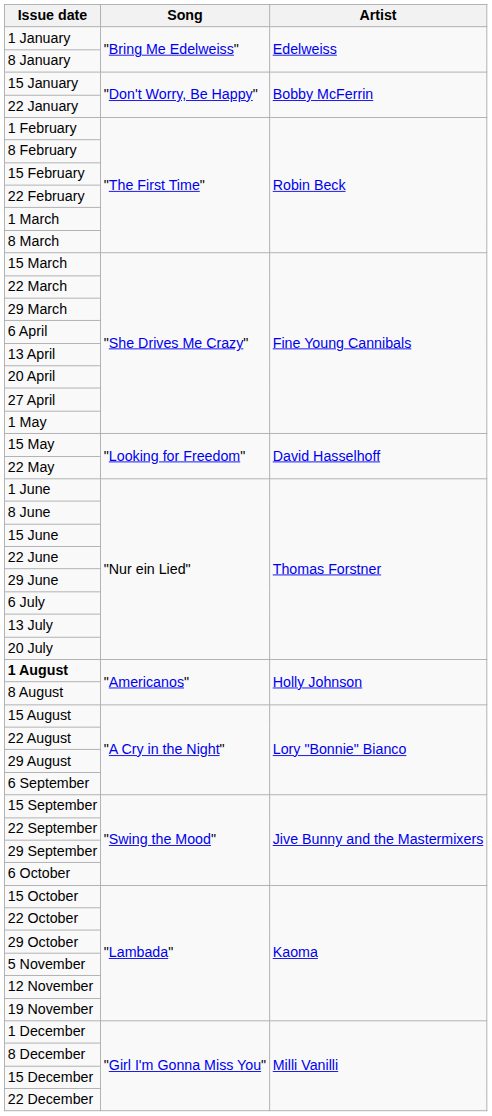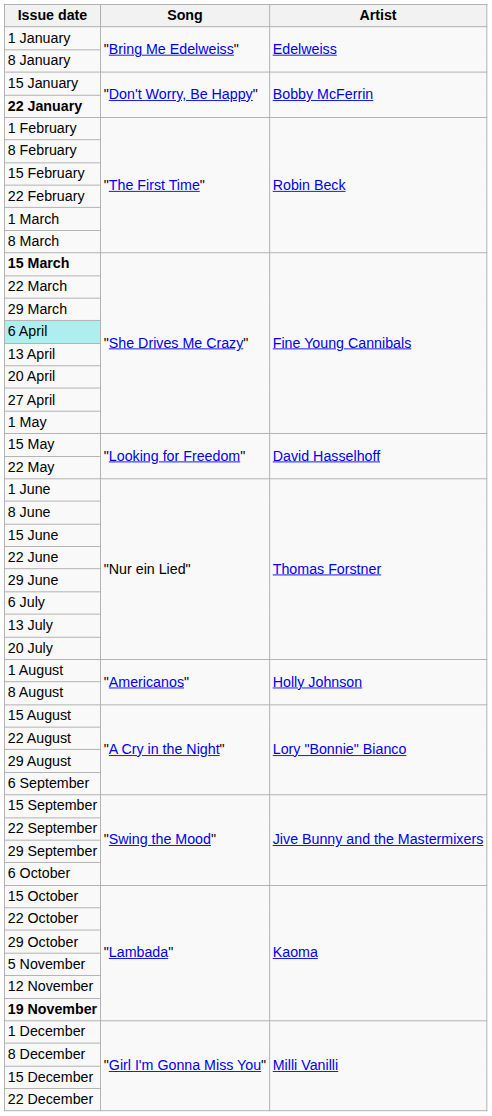 <table class="wikitable sortable">
 <tr>
 <th>Issue date</th>
 <th>Song</th>
 <th>Artist</th>
 </tr>
 <tr>
 <td>1 January</td>
 <td rowspan=2>"<a href='#'>Bring Me Edelweiss</a>"</td>
 <td rowspan=2><a href='#'>Edelweiss</a></td>
 </tr>
 <tr>
 <td>8 January</td>
 </tr>
 <tr>
 <td>15 January</td>
 <td rowspan=2>"<a href='#'>Don't Worry, Be Happy</a>"</td>
 <td rowspan=2><a href='#'>Bobby McFerrin</a></td>
 </tr>
 <tr>
-<td>22 January</td>
+<td><strong>22 January</strong></td>
 </tr>
 <tr>
 <td>1 February</td>
 <td rowspan=6>"<a href='#'>The First Time</a>"</td>
 <td rowspan=6><a href='#'>Robin Beck</a></td>
 </tr>
 <tr>
 <td>8 February</td>
 </tr>
 <tr>
 <td>15 February</td>
 </tr>
 <tr>
 <td>22 February</td>
 </tr>
 <tr>
 <td>1 March</td>
 </tr>
 <tr>
 <td>8 March</td>
 </tr>
 <tr>
-<td>15 March</td>
+<td><strong>15 March</strong></td>
 <td rowspan=8>"<a href='#'>She Drives Me Crazy</a>"</td>
 <td rowspan=8><a href='#'>Fine Young Cannibals</a></td>
 </tr>
 <tr>
 <td>22 March</td>
 </tr>
 <tr>
 <td>29 March</td>
 </tr>
 <tr>
-<td>6 April</td>
+<td style="background: paleturquoise;">6 April</td>
 </tr>
 <tr>
 <td>13 April</td>
 </tr>
 <tr>
 <td>20 April</td>
 </tr>
 <tr>
 <td>27 April</td>
 </tr>
 <tr>
 <td>1 May</td>
 </tr>
 <tr>
 <td>15 May</td>
 <td rowspan=2>"<a href='#'>Looking for Freedom</a>"</td>
 <td rowspan=2><a href='#'>David Hasselhoff</a></td>
 </tr>
 <tr>
 <td>22 May</td>
 </tr>
 <tr>
 <td>1 June</td>
 <td rowspan=8>"Nur ein Lied"</td>
 <td rowspan=8><a href='#'>Thomas Forstner</a></td>
 </tr>
 <tr>
 <td>8 June</td>
 </tr>
 <tr>
 <td>15 June</td>
 </tr>
 <tr>
 <td>22 June</td>
 </tr>
 <tr>
 <td>29 June</td>
 </tr>
 <tr>
 <td>6 July</td>
 </tr>
 <tr>
 <td>13 July</td>
 </tr>
 <tr>
 <td>20 July</td>
 </tr>
 <tr>
-<td><strong>1 August</strong></td>
+<td>1 August</td>
 <td rowspan=2>"<a href='#'>Americanos</a>"</td>
 <td rowspan=2><a href='#'>Holly Johnson</a></td>
 </tr>
 <tr>
 <td>8 August</td>
 </tr>
 <tr>
 <td>15 August</td>
 <td rowspan=4>"<a href='#'>A Cry in the Night</a>"</td>
 <td rowspan=4><a href='#'>Lory "Bonnie" Bianco</a></td>
 </tr>
 <tr>
 <td>22 August</td>
 </tr>
 <tr>
 <td>29 August</td>
 </tr>
 <tr>
 <td>6 September</td>
 </tr>
 <tr>
 <td>15 September</td>
 <td rowspan=4>"<a href='#'>Swing the Mood</a>"</td>
 <td rowspan=4><a href='#'>Jive Bunny and the Mastermixers</a></td>
 </tr>
 <tr>
 <td>22 September</td>
 </tr>
 <tr>
 <td>29 September</td>
 </tr>
 <tr>
 <td>6 October</td>
 </tr>
 <tr>
 <td>15 October</td>
 <td rowspan=6>"<a href='#'>Lambada</a>"</td>
 <td rowspan=6><a href='#'>Kaoma</a></td>
 </tr>
 <tr>
 <td>22 October</td>
 </tr>
 <tr>
 <td>29 October</td>
 </tr>
 <tr>
 <td>5 November</td>
 </tr>
 <tr>
 <td>12 November</td>
 </tr>
 <tr>
-<td>19 November</td>
+<td><strong>19 November</strong></td>
 </tr>
 <tr>
 <td>1 December</td>
 <td rowspan=4>"<a href='#'>Girl I'm Gonna Miss You</a>"</td>
 <td rowspan=4><a href='#'>Milli Vanilli</a></td>
 </tr>
 <tr>
 <td>8 December</td>
 </tr>
 <tr>
 <td>15 December</td>
 </tr>
 <tr>
 <td>22 December</td>
 </tr>
 </table>
